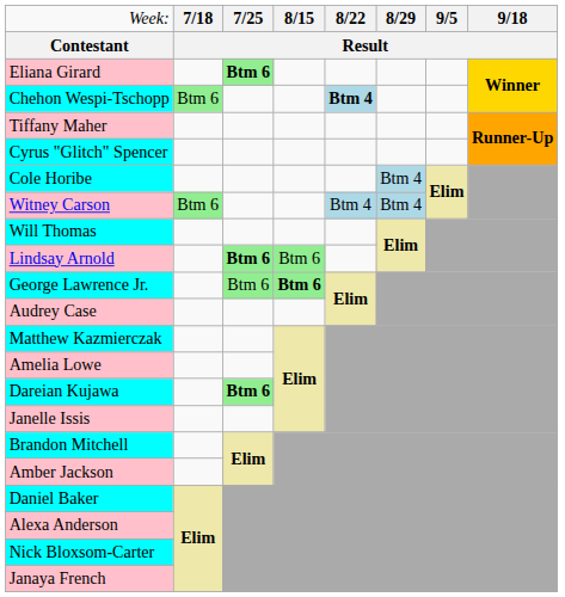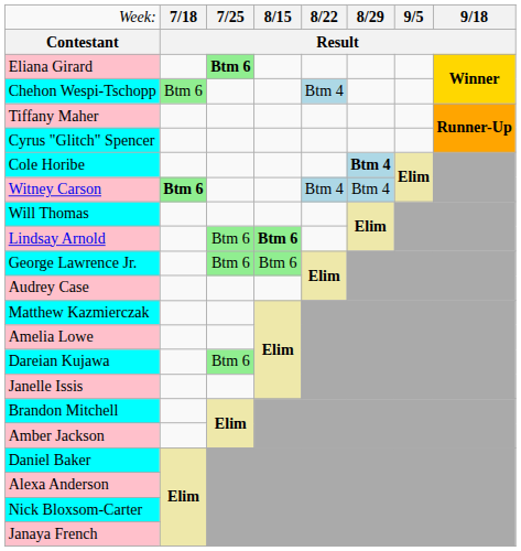 <table class="wikitable">
 <tr>
 <td align="right"><em>Week:</em></td>
 <th>7/18</th>
 <th>7/25</th>
 <th>8/15</th>
 <th>8/22</th>
 <th>8/29</th>
 <th>9/5</th>
 <th>9/18</th>
 </tr>
 <tr>
 <th>Contestant</th>
 <th colspan="22" style="text-align:center;">Result</th>
 </tr>
 <tr>
 <td style="background:pink;">Eliana Girard</td>
 <td></td>
 <td style="background:Lightgreen; text-align:center;"><strong>Btm 6</strong></td>
 <td></td>
 <td></td>
 <td></td>
 <td></td>
 <td rowspan="2"  style="background:gold; text-align:center;"><strong>Winner</strong></td>
 </tr>
 <tr>
 <td style="background:cyan;">Chehon Wespi-Tschopp</td>
 <td style="background:Lightgreen; text-align:center;">Btm 6</td>
 <td></td>
 <td></td>
-<td style="background:Lightblue; text-align:center;"><strong>Btm 4</strong></td>
+<td style="background:Lightblue; text-align:center;">Btm 4</td>
 <td></td>
 <td></td>
 </tr>
 <tr>
 <td style="background:pink;">Tiffany Maher</td>
 <td></td>
 <td></td>
 <td></td>
 <td></td>
 <td></td>
 <td></td>
 <td rowspan="2"  style="background:orange; text-align:center;"><strong>Runner-Up</strong></td>
 </tr>
 <tr>
 <td style="background:cyan;">Cyrus "Glitch" Spencer</td>
 <td></td>
 <td></td>
 <td></td>
 <td></td>
 <td></td>
 <td></td>
 </tr>
 <tr>
 <td style="background:cyan;">Cole Horibe</td>
 <td></td>
 <td></td>
 <td></td>
 <td></td>
-<td style="background:Lightblue; text-align:center;">Btm 4</td>
+<td style="background:Lightblue; text-align:center;"><strong>Btm 4</strong></td>
 <td rowspan="2"  style="background:palegoldenrod; text-align:center;"><strong>Elim</strong></td>
 <td colspan="7" rowspan="2" style="background:#aaa;"></td>
 </tr>
 <tr>
 <td style="background:pink;"><a href='#'>Witney Carson</a></td>
-<td style="background:Lightgreen; text-align:center;">Btm 6</td>
+<td style="background:Lightgreen; text-align:center;"><strong>Btm 6</strong></td>
 <td></td>
 <td></td>
 <td style="background:Lightblue; text-align:center;">Btm 4</td>
 <td style="background:Lightblue; text-align:center;">Btm 4</td>
 </tr>
 <tr>
 <td style="background:cyan;">Will Thomas</td>
 <td></td>
 <td></td>
 <td></td>
 <td></td>
 <td rowspan="2"  style="background:palegoldenrod; text-align:center;"><strong>Elim</strong></td>
 <td colspan="7" rowspan="2" style="background:#aaa;"></td>
 </tr>
 <tr>
 <td style="background:pink;"><a href='#'>Lindsay Arnold</a></td>
 <td></td>
+<td style="background:Lightgreen; text-align:center;">Btm 6</td>
 <td style="background:Lightgreen; text-align:center;"><strong>Btm 6</strong></td>
-<td style="background:Lightgreen; text-align:center;">Btm 6</td>
 <td></td>
 </tr>
 <tr>
 <td style="background:cyan;">George Lawrence Jr.</td>
 <td></td>
 <td style="background:Lightgreen; text-align:center;">Btm 6</td>
-<td style="background:Lightgreen; text-align:center;"><strong>Btm 6</strong></td>
+<td style="background:Lightgreen; text-align:center;">Btm 6</td>
 <td rowspan="2"  style="background:palegoldenrod; text-align:center;"><strong>Elim</strong></td>
 <td colspan="7" rowspan="2" style="background:#aaa;"></td>
 </tr>
 <tr>
 <td style="background:pink;">Audrey Case</td>
 <td></td>
 <td></td>
 <td></td>
 </tr>
 <tr>
 <td style="background:cyan;">Matthew Kazmierczak</td>
 <td></td>
 <td></td>
 <td rowspan="4"  style="background:palegoldenrod; text-align:center;"><strong>Elim</strong></td>
 <td colspan="7" rowspan="4" style="background:#aaa;"></td>
 </tr>
 <tr>
 <td style="background:pink;">Amelia Lowe</td>
 <td></td>
 <td></td>
 </tr>
 <tr>
 <td style="background:cyan;">Dareian Kujawa</td>
 <td></td>
-<td style="background:Lightgreen; text-align:center;"><strong>Btm 6</strong></td>
+<td style="background:Lightgreen; text-align:center;">Btm 6</td>
 </tr>
 <tr>
 <td style="background:pink;">Janelle Issis</td>
 <td></td>
 <td></td>
 </tr>
 <tr>
 <td style="background:cyan;">Brandon Mitchell</td>
 <td></td>
 <td rowspan="2"  style="background:palegoldenrod; text-align:center;"><strong>Elim</strong></td>
 <td colspan="7" rowspan="2" style="background:#aaa;"></td>
 </tr>
 <tr>
 <td style="background:pink;">Amber Jackson</td>
 <td></td>
 </tr>
 <tr>
 <td style="background:cyan;">Daniel Baker</td>
 <td rowspan="4"  style="background:palegoldenrod; text-align:center;"><strong>Elim</strong></td>
 <td colspan="7" rowspan="4" style="background:#aaa;"></td>
 </tr>
 <tr>
 <td style="background:pink;">Alexa Anderson</td>
 </tr>
 <tr>
 <td style="background:cyan;">Nick Bloxsom-Carter</td>
 </tr>
 <tr>
 <td style="background:pink;">Janaya French</td>
 </tr>
 </table>
